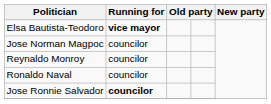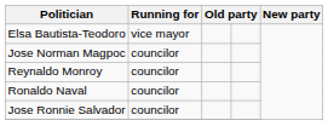 <table class=wikitable>
 <tr>
 <th>Politician</th>
 <th>Running for</th>
 <th colspan=2>Old party</th>
 <th colspan=2>New party</th>
 </tr>
 <tr>
 <td>Elsa Bautista-Teodoro</td>
-<td><strong>vice mayor</strong></td>
+<td>vice mayor</td>
 <td></td>
 <td></td>
 </tr>
 <tr>
 <td>Jose Norman Magpoc</td>
 <td>councilor</td>
 <td></td>
 <td></td>
 </tr>
 <tr>
 <td>Reynaldo Monroy</td>
 <td>councilor</td>
 <td></td>
 <td></td>
 </tr>
 <tr>
 <td>Ronaldo Naval</td>
 <td>councilor</td>
 <td></td>
 <td></td>
 </tr>
 <tr>
 <td>Jose Ronnie Salvador</td>
-<td><strong>councilor</strong></td>
+<td>councilor</td>
 <td></td>
 <td></td>
 </tr>
 <tr>
 </tr>
 </table>
